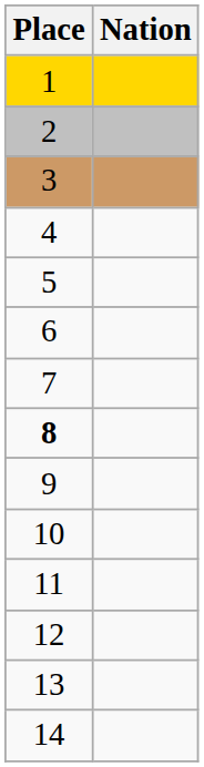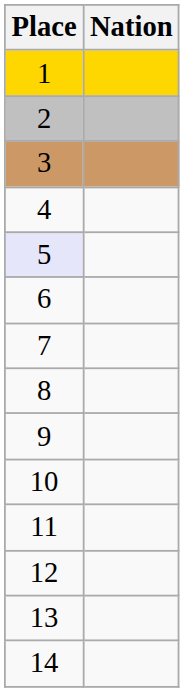 <table class="wikitable">
 <tr>
 <th>Place</th>
 <th>Nation</th>
 </tr>
 <tr bgcolor=gold>
 <td align=center>1</td>
 <td></td>
 </tr>
 <tr bgcolor=silver>
 <td align=center>2</td>
 <td></td>
 </tr>
 <tr bgcolor=cc9966>
 <td align=center>3</td>
 <td></td>
 </tr>
 <tr>
 <td align=center>4</td>
 <td></td>
 </tr>
 <tr>
-<td align=center>5</td>
+<td align=center style="background: lavender;">5</td>
 <td></td>
 </tr>
 <tr>
 <td align=center>6</td>
 <td></td>
 </tr>
 <tr>
 <td align=center>7</td>
 <td></td>
 </tr>
 <tr>
-<td align=center><strong>8</strong></td>
+<td align=center>8</td>
 <td></td>
 </tr>
 <tr>
 <td align=center>9</td>
 <td></td>
 </tr>
 <tr>
 <td align=center>10</td>
 <td></td>
 </tr>
 <tr>
 <td align=center>11</td>
 <td></td>
 </tr>
 <tr>
 <td align=center>12</td>
 <td></td>
 </tr>
 <tr>
 <td align=center>13</td>
 <td></td>
 </tr>
 <tr>
 <td align=center>14</td>
 <td></td>
 </tr>
 </table>
